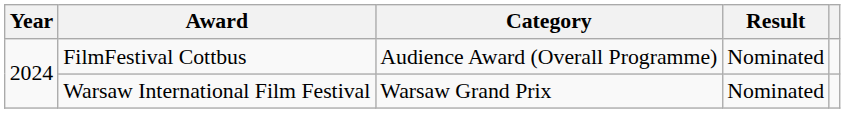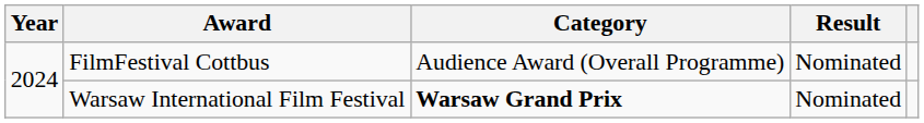 <table class="wikitable">
 <tr>
 <th>Year</th>
 <th>Award</th>
 <th>Category</th>
 <th>Result</th>
 <th></th>
 </tr>
 <tr>
 <td rowspan="2">2024</td>
 <td>FilmFestival Cottbus</td>
 <td>Audience Award (Overall Programme)</td>
 <td>Nominated</td>
 <td></td>
 </tr>
 <tr>
 <td>Warsaw International Film Festival</td>
-<td>Warsaw Grand Prix</td>
+<td><strong>Warsaw Grand Prix</strong></td>
 <td>Nominated</td>
 <td></td>
 </tr>
 </table>
